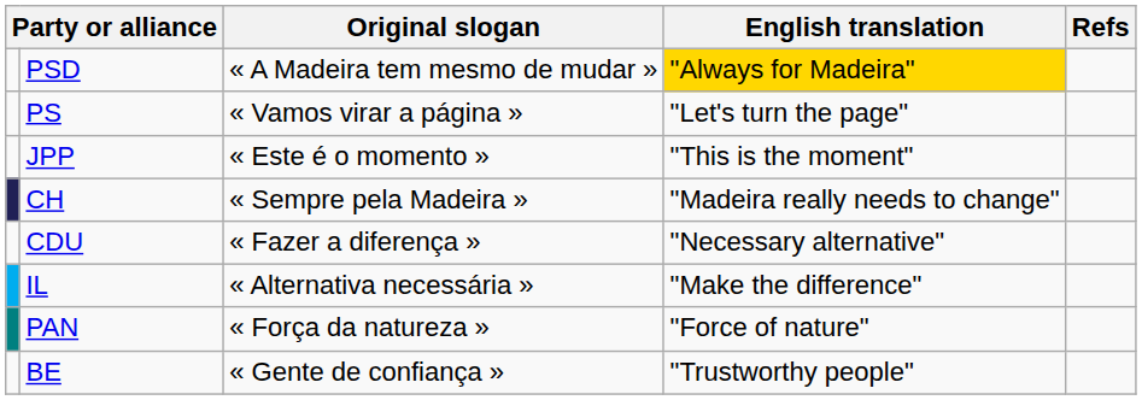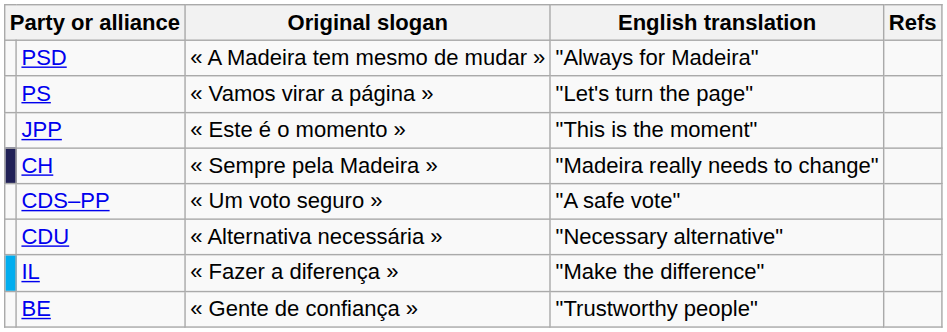 <table class="wikitable" style="font-size:97%; text-align:left;">
 <tr>
 <th style="text-align:left;" colspan="2">Party or alliance</th>
 <th>Original slogan</th>
 <th>English translation</th>
 <th>Refs</th>
 </tr>
 <tr>
 <td style="color:inherit;background:"></td>
 <td><a href='#'>PSD</a></td>
 <td>« A Madeira tem mesmo de mudar »</td>
-<td style="background: gold;">"Always for Madeira"</td>
+<td>"Always for Madeira"</td>
 <td></td>
 </tr>
 <tr>
 <td width="1" style="color:inherit;background:"></td>
 <td><a href='#'>PS</a></td>
 <td>« Vamos virar a página »</td>
 <td>"Let's turn the page"</td>
 <td></td>
 </tr>
 <tr>
 <td style="color:inherit;background:"></td>
 <td><a href='#'>JPP</a></td>
 <td>« Este é o momento »</td>
 <td>"This is the moment"</td>
 <td></td>
 </tr>
 <tr>
 <td style="background:#202056;"></td>
 <td><a href='#'>CH</a></td>
 <td>« Sempre pela Madeira »</td>
 <td>"Madeira really needs to change"</td>
 <td></td>
 </tr>
 <tr>
 <td style="color:inherit;background:"></td>
+<td><a href='#'>CDS–PP</a></td>
+<td>« Um voto seguro »</td>
+<td>"A safe vote"</td>
+<td></td>
+</tr>
+<tr>
+<td style="color:inherit;background:"></td>
 <td><a href='#'>CDU</a></td>
-<td>« Fazer a diferença »</td>
+<td>« Alternativa necessária »</td>
 <td>"Necessary alternative"</td>
 <td></td>
 </tr>
 <tr>
 <td style="background:#00ADEF;"></td>
 <td><a href='#'>IL</a></td>
-<td>« Alternativa necessária »</td>
+<td>« Fazer a diferença »</td>
 <td>"Make the difference"</td>
-<td></td>
-</tr>
-<tr>
-<td style="background:teal;"></td>
-<td><a href='#'>PAN</a></td>
-<td>« Força da natureza »</td>
-<td>"Force of nature"</td>
 <td></td>
 </tr>
 <tr>
 <td style="color:inherit;background:"></td>
 <td><a href='#'>BE</a></td>
 <td>« Gente de confiança »</td>
 <td>"Trustworthy people"</td>
 <td></td>
 </tr>
 </table>
